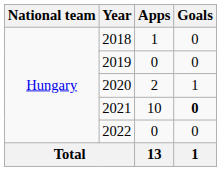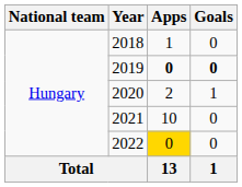 <table class="wikitable" style="text-align:center">
 <tr>
 <th>National team</th>
 <th>Year</th>
 <th>Apps</th>
 <th>Goals</th>
 </tr>
 <tr>
 <td rowspan="5"><a href='#'>Hungary</a></td>
 <td>2018</td>
 <td>1</td>
 <td>0</td>
 </tr>
 <tr>
 <td>2019</td>
-<td>0</td>
-<td>0</td>
+<td><strong>0</strong></td>
+<td><strong>0</strong></td>
 </tr>
 <tr>
 <td>2020</td>
 <td>2</td>
 <td>1</td>
 </tr>
 <tr>
 <td>2021</td>
 <td>10</td>
-<td><strong>0</strong></td>
+<td>0</td>
 </tr>
 <tr>
 <td>2022</td>
-<td>0</td>
+<td style="background: gold;">0</td>
 <td>0</td>
 </tr>
 <tr>
 <th colspan="2">Total</th>
 <th>13</th>
 <th>1</th>
 </tr>
 </table>
